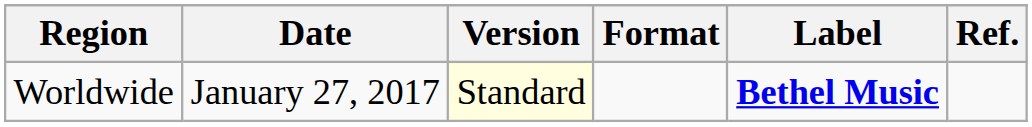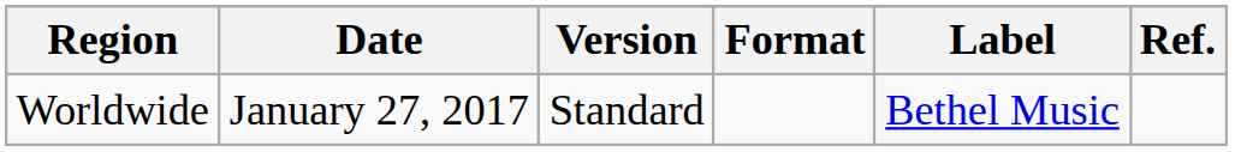 <table class="wikitable plainrowheaders">
 <tr>
 </tr>
 <tr>
 <th scope="col">Region</th>
 <th scope="col">Date</th>
 <th scope="col">Version</th>
 <th scope="col">Format</th>
 <th scope="col">Label</th>
 <th scope="col">Ref.</th>
 </tr>
 <tr>
 <td>Worldwide</td>
 <td>January 27, 2017</td>
-<td style="background: lightyellow;">Standard</td>
+<td>Standard</td>
 <td></td>
-<td><strong><a href='#'>Bethel Music</a></strong></td>
+<td><a href='#'>Bethel Music</a></td>
 <td></td>
 </tr>
 </table>
